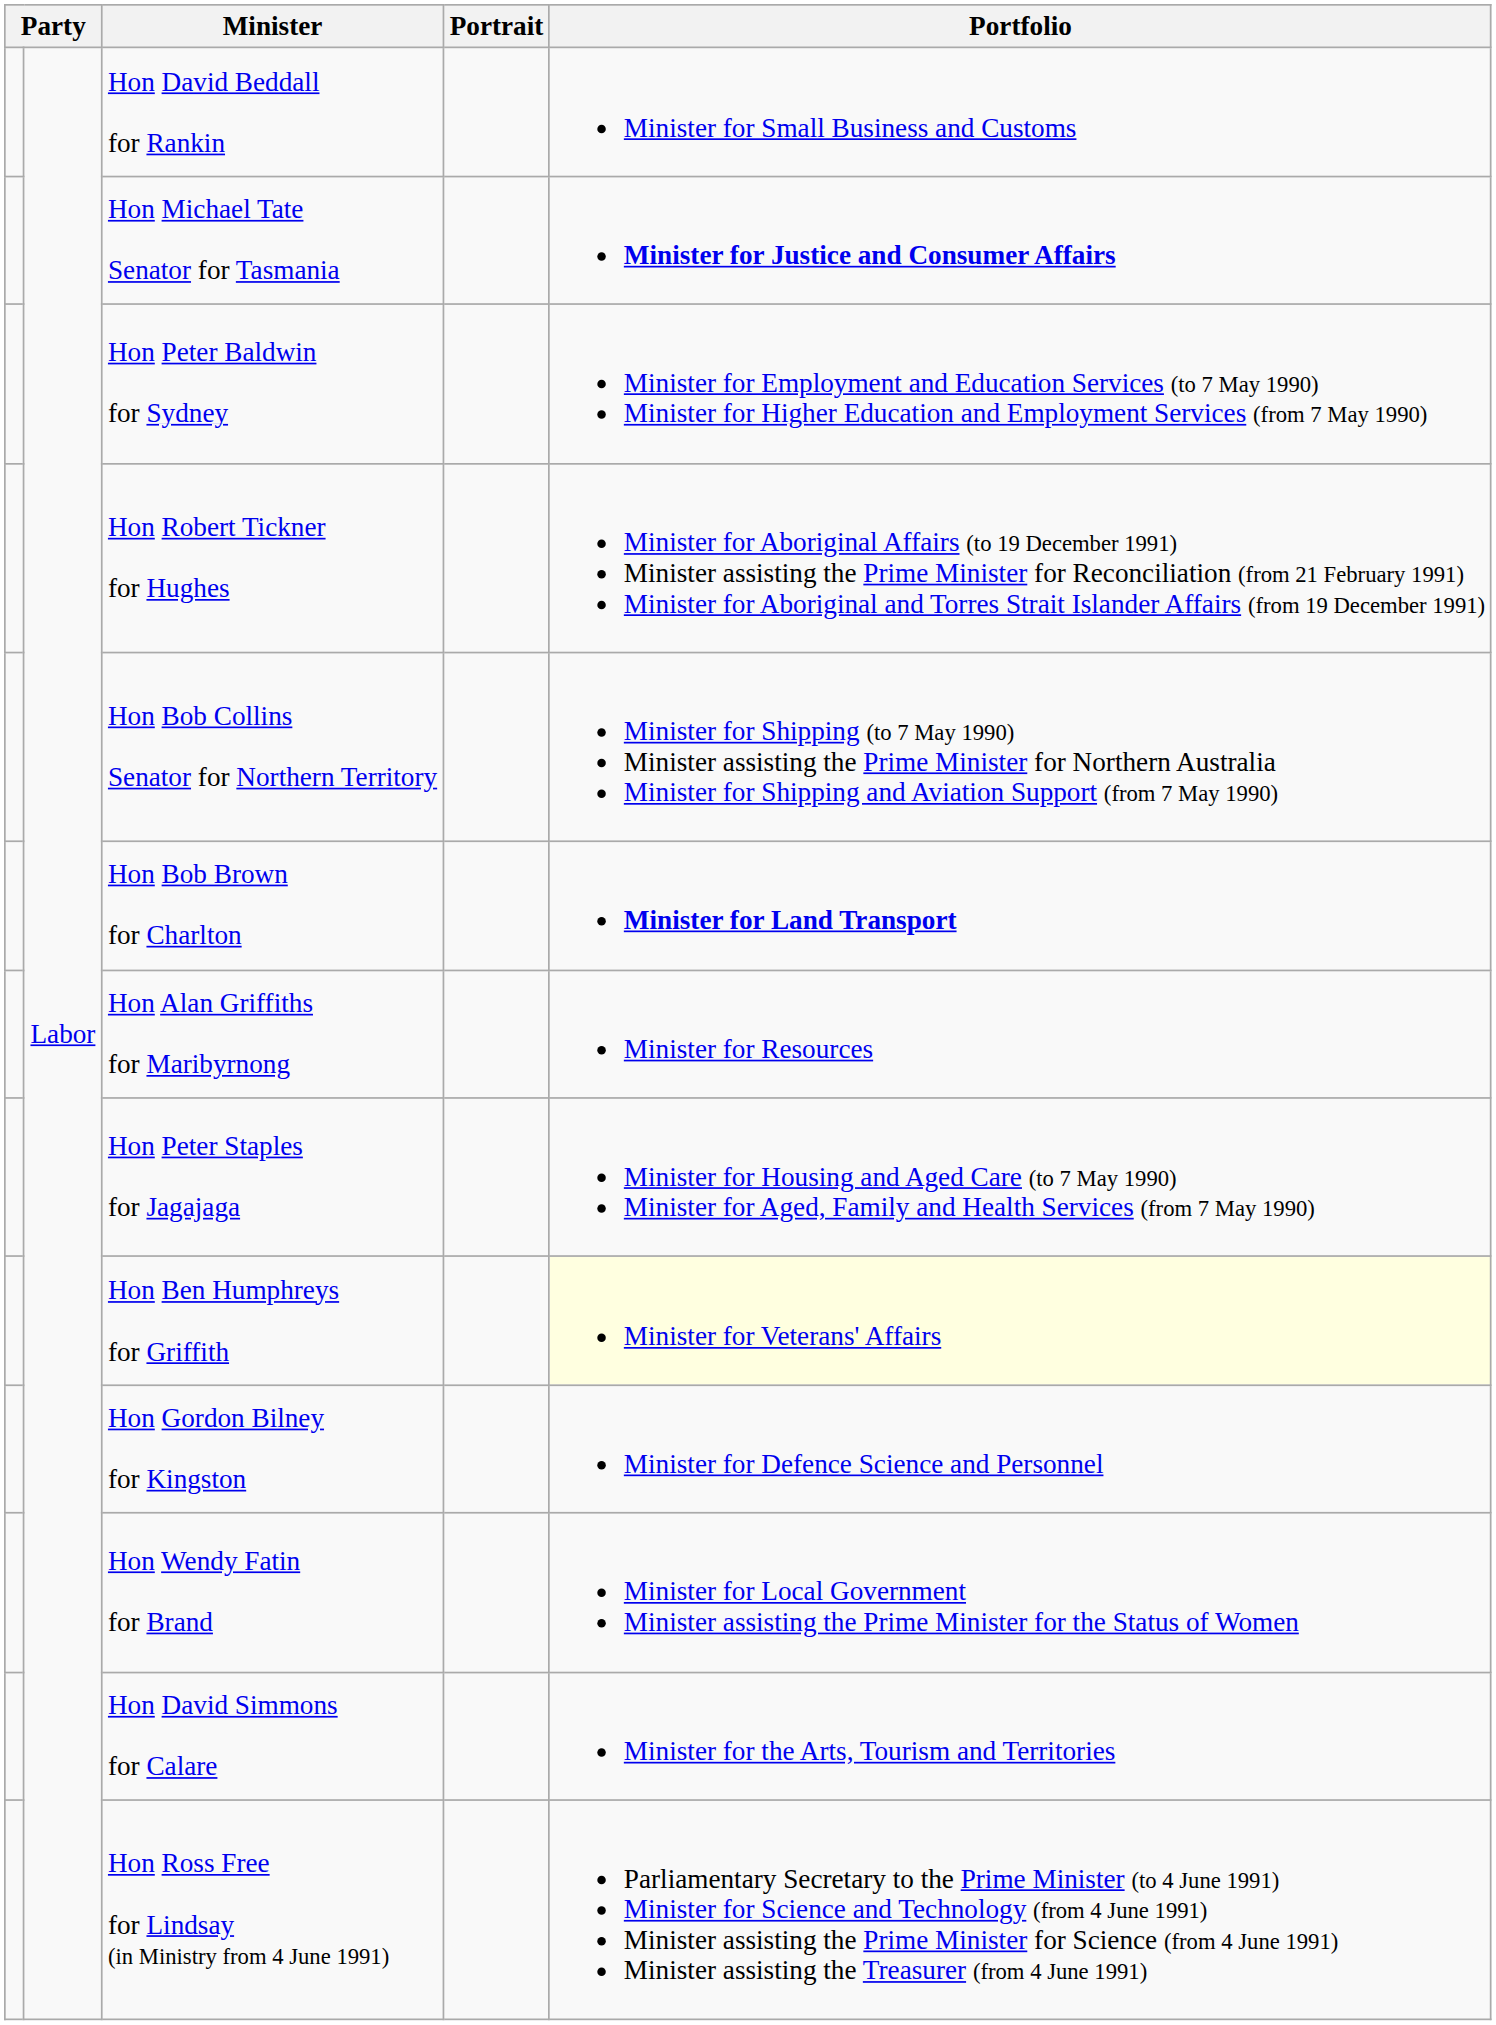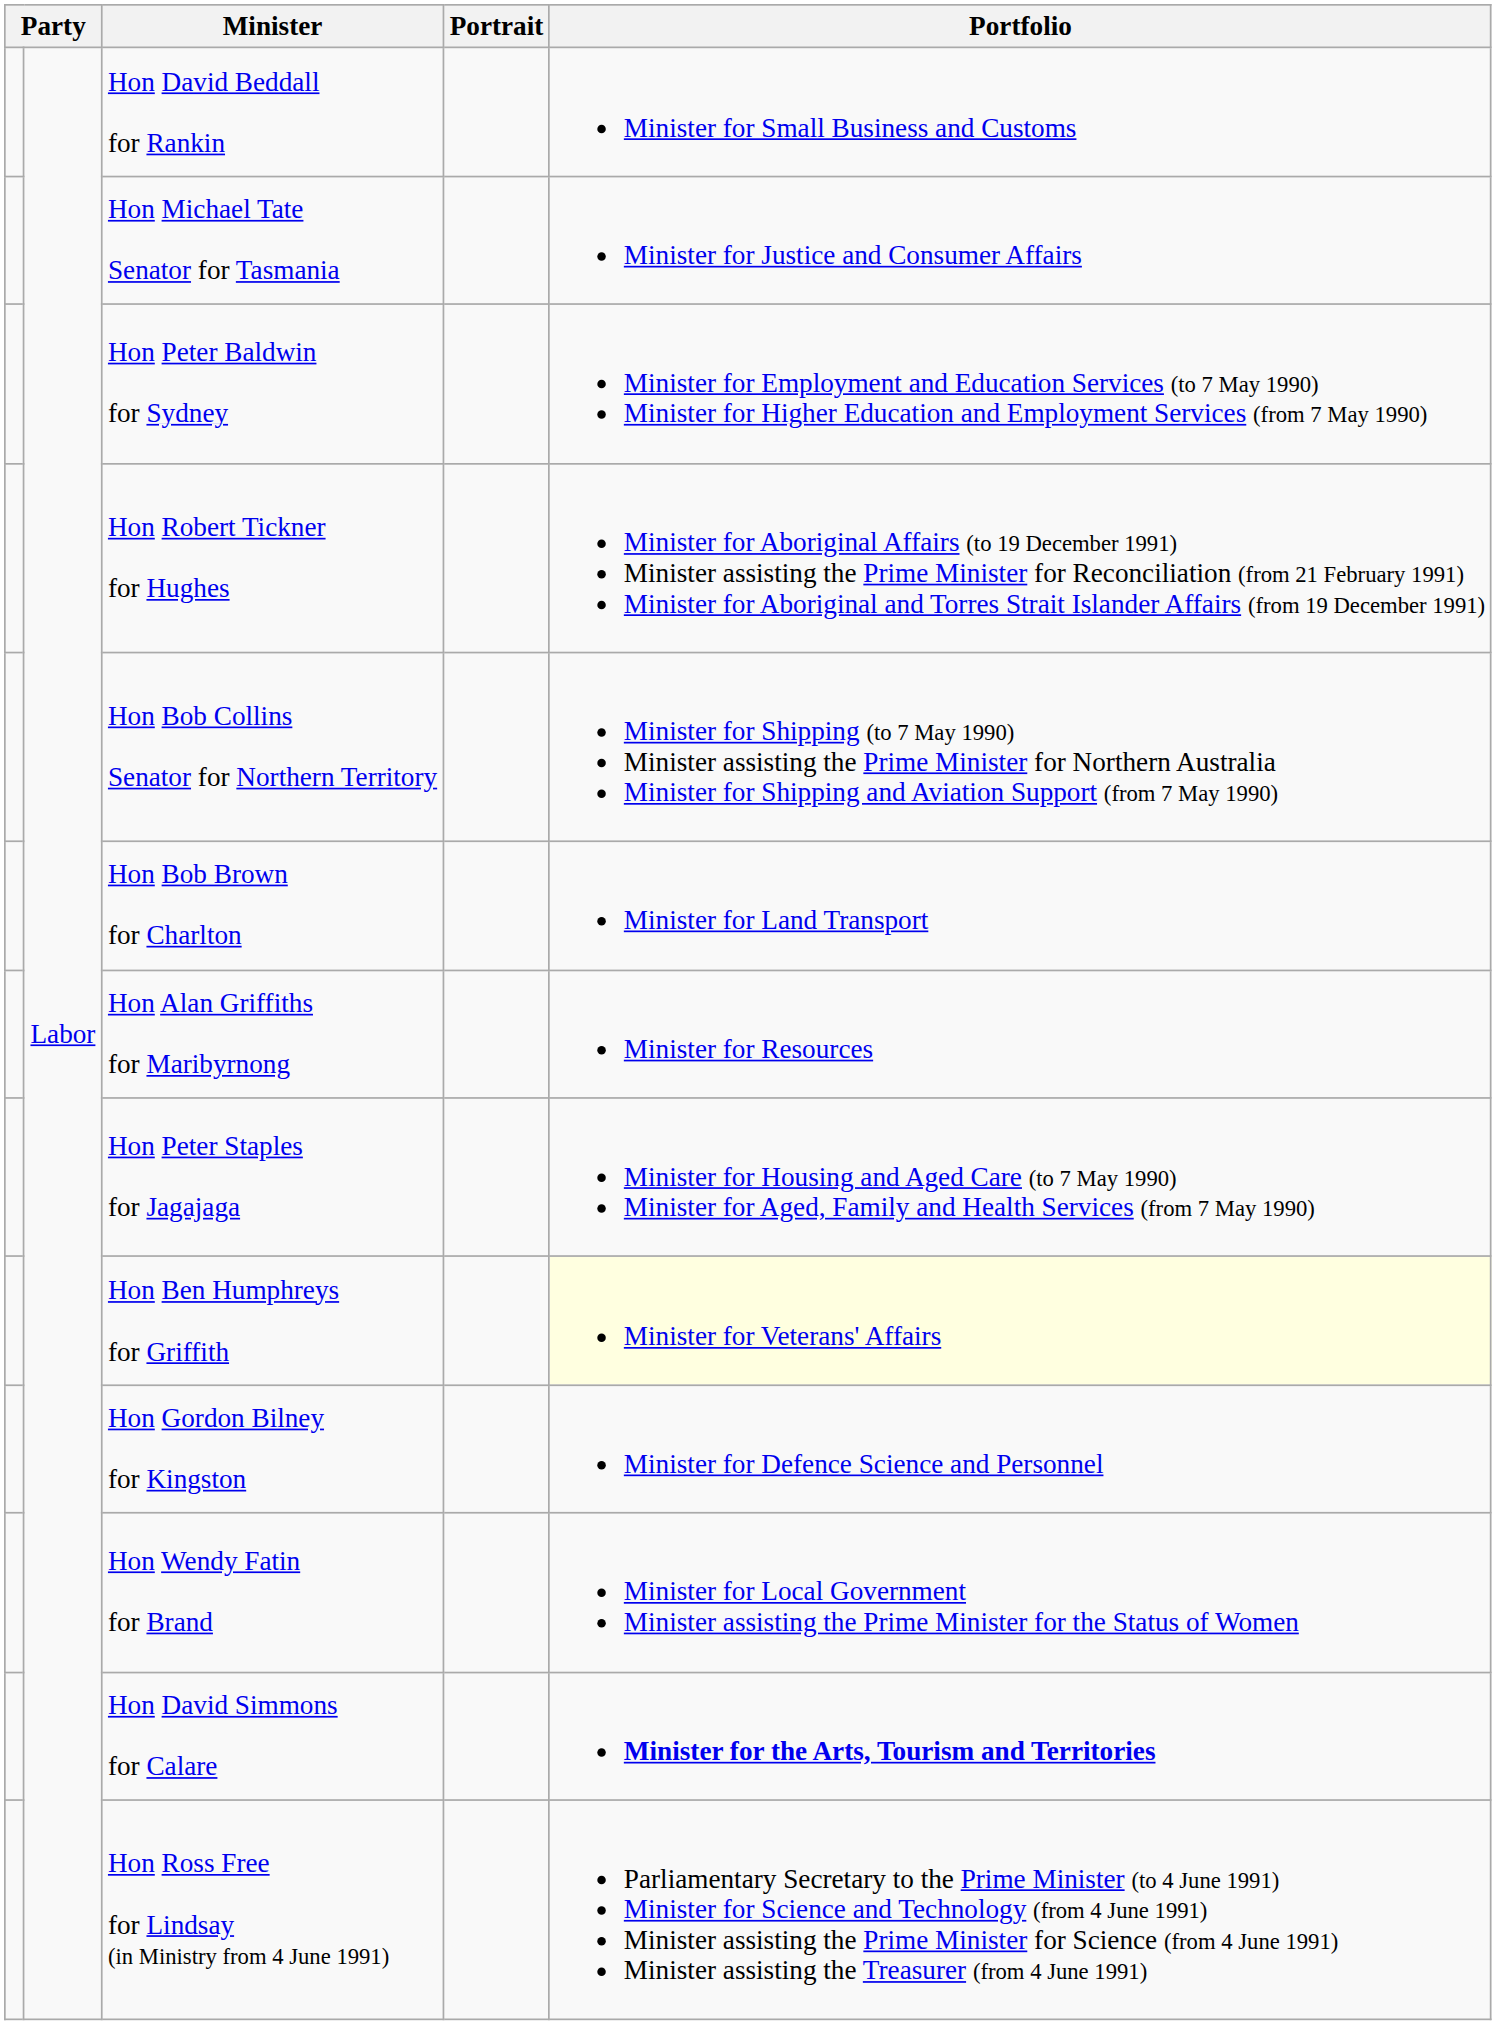 <table class="wikitable sortable">
 <tr>
 <th colspan="2">Party</th>
 <th>Minister</th>
 <th>Portrait</th>
 <th>Portfolio</th>
 </tr>
 <tr>
 <td> </td>
 <td rowspan=13><a href='#'>Labor</a></td>
 <td><a href='#'>Hon</a> <a href='#'>David Beddall</a> <br><br> for <a href='#'>Rankin</a> <br></td>
 <td></td>
 <td><br><ul><li><a href='#'>Minister for Small Business and Customs</a></li></ul></td>
 </tr>
 <tr>
 <td> </td>
 <td><a href='#'>Hon</a> <a href='#'>Michael Tate</a> <br><br><a href='#'>Senator</a> for <a href='#'>Tasmania</a> <br></td>
 <td></td>
-<td><strong><br><ul><li><a href='#'>Minister for Justice and Consumer Affairs</a></li></ul></strong></td>
+<td><br><ul><li><a href='#'>Minister for Justice and Consumer Affairs</a></li></ul></td>
 </tr>
 <tr>
 <td> </td>
 <td><a href='#'>Hon</a> <a href='#'>Peter Baldwin</a> <br><br> for <a href='#'>Sydney</a> <br></td>
 <td></td>
 <td><br><ul><li><a href='#'>Minister for Employment and Education Services</a> <small>(to 7 May 1990)</small></li><li><a href='#'>Minister for Higher Education and Employment Services</a> <small>(from 7 May 1990)</small></li></ul></td>
 </tr>
 <tr>
 <td> </td>
 <td><a href='#'>Hon</a> <a href='#'>Robert Tickner</a> <br><br> for <a href='#'>Hughes</a> <br></td>
 <td></td>
 <td><br><ul><li><a href='#'>Minister for Aboriginal Affairs</a> <small>(to 19 December 1991)</small></li><li>Minister assisting the <a href='#'>Prime Minister</a> for Reconciliation <small>(from 21 February 1991)</small></li><li><a href='#'>Minister for Aboriginal and Torres Strait Islander Affairs</a> <small>(from 19 December 1991)</small></li></ul></td>
 </tr>
 <tr>
 <td> </td>
 <td><a href='#'>Hon</a> <a href='#'>Bob Collins</a> <br><br><a href='#'>Senator</a> for <a href='#'>Northern Territory</a> <br></td>
 <td></td>
 <td><br><ul><li><a href='#'>Minister for Shipping</a> <small>(to 7 May 1990)</small></li><li>Minister assisting the <a href='#'>Prime Minister</a> for Northern Australia</li><li><a href='#'>Minister for Shipping and Aviation Support</a> <small>(from 7 May 1990)</small></li></ul></td>
 </tr>
 <tr>
 <td> </td>
 <td><a href='#'>Hon</a> <a href='#'>Bob Brown</a> <br><br> for <a href='#'>Charlton</a> <br></td>
 <td></td>
-<td><strong><br><ul><li><a href='#'>Minister for Land Transport</a></li></ul></strong></td>
+<td><br><ul><li><a href='#'>Minister for Land Transport</a></li></ul></td>
 </tr>
 <tr>
 <td> </td>
 <td><a href='#'>Hon</a> <a href='#'>Alan Griffiths</a> <br><br> for <a href='#'>Maribyrnong</a> <br></td>
 <td></td>
 <td><br><ul><li><a href='#'>Minister for Resources</a></li></ul></td>
 </tr>
 <tr>
 <td> </td>
 <td><a href='#'>Hon</a> <a href='#'>Peter Staples</a> <br><br> for <a href='#'>Jagajaga</a> <br></td>
 <td></td>
 <td><br><ul><li><a href='#'>Minister for Housing and Aged Care</a> <small>(to 7 May 1990)</small></li><li><a href='#'>Minister for Aged, Family and Health Services</a> <small>(from 7 May 1990)</small></li></ul></td>
 </tr>
 <tr>
 <td> </td>
 <td><a href='#'>Hon</a> <a href='#'>Ben Humphreys</a> <br><br> for <a href='#'>Griffith</a> <br></td>
 <td></td>
 <td style="background: lightyellow;"><br><ul><li><a href='#'>Minister for Veterans' Affairs</a></li></ul></td>
 </tr>
 <tr>
 <td> </td>
 <td><a href='#'>Hon</a> <a href='#'>Gordon Bilney</a> <br><br> for <a href='#'>Kingston</a> <br></td>
 <td></td>
 <td><br><ul><li><a href='#'>Minister for Defence Science and Personnel</a></li></ul></td>
 </tr>
 <tr>
 <td> </td>
 <td><a href='#'>Hon</a> <a href='#'>Wendy Fatin</a> <br><br> for <a href='#'>Brand</a> <br></td>
 <td></td>
 <td><br><ul><li><a href='#'>Minister for Local Government</a></li><li><a href='#'>Minister assisting the Prime Minister for the Status of Women</a></li></ul></td>
 </tr>
 <tr>
 <td> </td>
 <td><a href='#'>Hon</a> <a href='#'>David Simmons</a> <br><br> for <a href='#'>Calare</a> <br></td>
 <td></td>
-<td><br><ul><li><a href='#'>Minister for the Arts, Tourism and Territories</a></li></ul></td>
+<td><strong><br><ul><li><a href='#'>Minister for the Arts, Tourism and Territories</a></li></ul></strong></td>
 </tr>
 <tr>
 <td> </td>
 <td><a href='#'>Hon</a> <a href='#'>Ross Free</a> <br><br> for <a href='#'>Lindsay</a> <br> <small>(in Ministry from 4 June 1991)</small></td>
 <td></td>
 <td><br><ul><li>Parliamentary Secretary to the <a href='#'>Prime Minister</a> <small>(to 4 June 1991)</small></li><li><a href='#'>Minister for Science and Technology</a> <small>(from 4 June 1991)</small></li><li>Minister assisting the <a href='#'>Prime Minister</a> for Science <small>(from 4 June 1991)</small></li><li>Minister assisting the <a href='#'>Treasurer</a> <small>(from 4 June 1991)</small></li></ul></td>
 </tr>
 </table>
